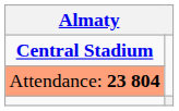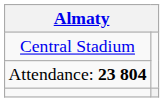 <table class="wikitable" style="text-align:center;">
 <tr>
 <th colspan="4" align="center"><a href='#'>Almaty</a></th>
 </tr>
 <tr>
-<td><strong><a href='#'>Central Stadium</a></strong></td>
+<td><a href='#'>Central Stadium</a></td>
 </tr>
 <tr>
-<td style="background: lightsalmon;">Attendance: <strong>23 804</strong></td>
+<td>Attendance: <strong>23 804</strong></td>
 </tr>
 <tr>
 <td></td>
 <th rowspan=8 colspan=2><div></div></th>
 </tr>
 </table>
